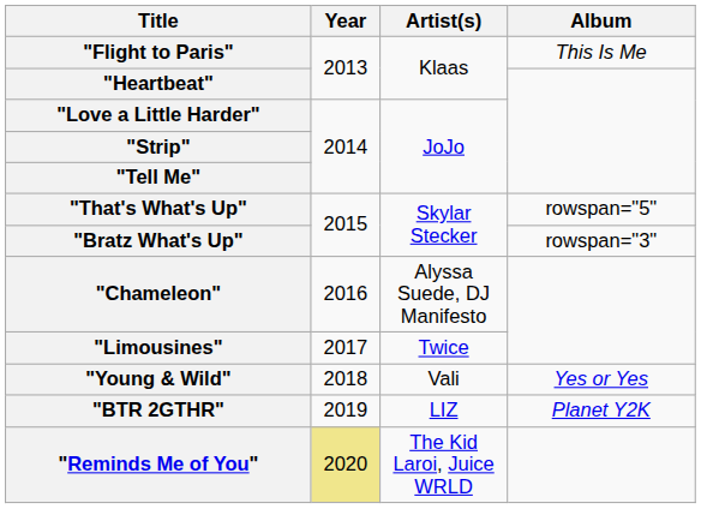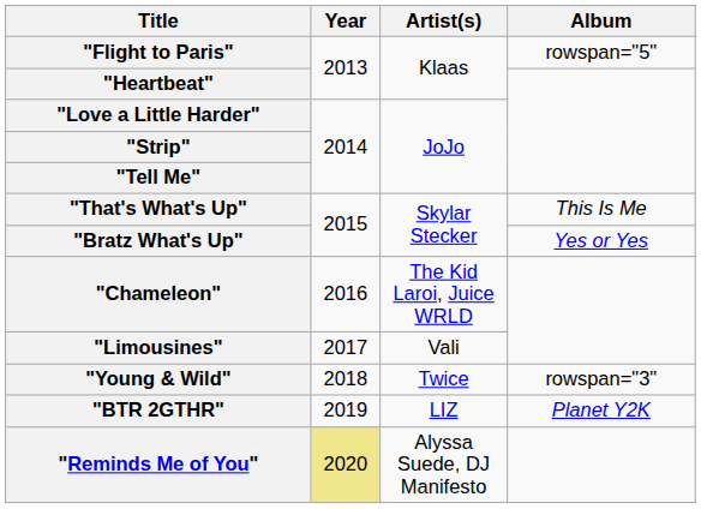 <table class="wikitable plainrowheaders" style="text-align:center;">
 <tr>
 <th scope="col" style="width:15em;">Title</th>
 <th scope="col" style="width:3em;">Year</th>
 <th scope="col" style="width:6em;">Artist(s)</th>
 <th scope="col" style="width:9em;">Album</th>
 </tr>
 <tr>
 <th scope="row">"Flight to Paris"</th>
 <td rowspan="2" align=center>2013</td>
 <td rowspan="2">Klaas</td>
-<td><em>This Is Me</em></td>
+<td>rowspan="5" </td>
 </tr>
 <tr>
 <th scope="row">"Heartbeat"</th>
 </tr>
 <tr>
 <th scope="row">"Love a Little Harder"</th>
 <td rowspan="3">2014</td>
 <td rowspan="3"><a href='#'>JoJo</a></td>
 </tr>
 <tr>
 <th scope="row">"Strip"</th>
 </tr>
 <tr>
 <th scope="row">"Tell Me"</th>
 </tr>
 <tr>
 <th scope="row">"That's What's Up"</th>
 <td rowspan="2">2015</td>
 <td rowspan="2"><a href='#'>Skylar Stecker</a></td>
-<td>rowspan="5" </td>
+<td><em>This Is Me</em></td>
 </tr>
 <tr>
 <th scope="row">"Bratz What's Up"</th>
-<td>rowspan="3" </td>
+<td><em><a href='#'>Yes or Yes</a></em></td>
 </tr>
 <tr>
 <th scope="row">"Chameleon"</th>
 <td>2016</td>
-<td>Alyssa Suede, DJ Manifesto</td>
+<td><a href='#'>The Kid Laroi</a>, <a href='#'>Juice WRLD</a></td>
 </tr>
 <tr>
 <th scope="row">"Limousines"</th>
 <td align=center>2017</td>
-<td><a href='#'>Twice</a></td>
+<td>Vali</td>
 </tr>
 <tr>
 <th scope="row">"Young & Wild"</th>
 <td align=center>2018</td>
-<td>Vali</td>
-<td><em><a href='#'>Yes or Yes</a></em></td>
+<td><a href='#'>Twice</a></td>
+<td>rowspan="3" </td>
 </tr>
 <tr>
 <th scope="row">"BTR 2GTHR"</th>
 <td align=center>2019</td>
 <td><a href='#'>LIZ</a></td>
 <td><em><a href='#'>Planet Y2K</a></em></td>
 </tr>
 <tr>
 <th scope="row">"<a href='#'>Reminds Me of You</a>"</th>
 <td align=center style="background: khaki;">2020</td>
-<td><a href='#'>The Kid Laroi</a>, <a href='#'>Juice WRLD</a></td>
+<td>Alyssa Suede, DJ Manifesto</td>
 <td></td>
 </tr>
 </table>
